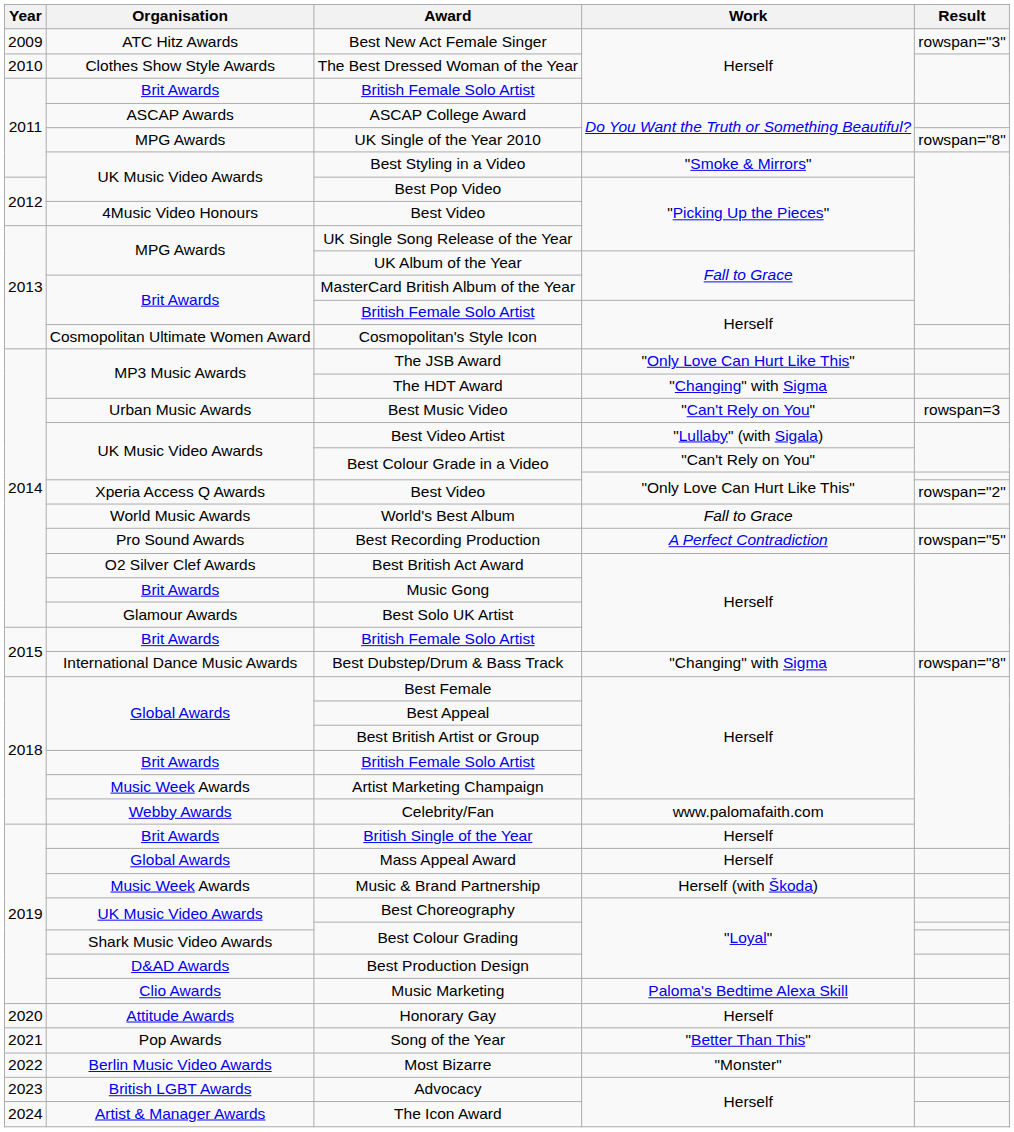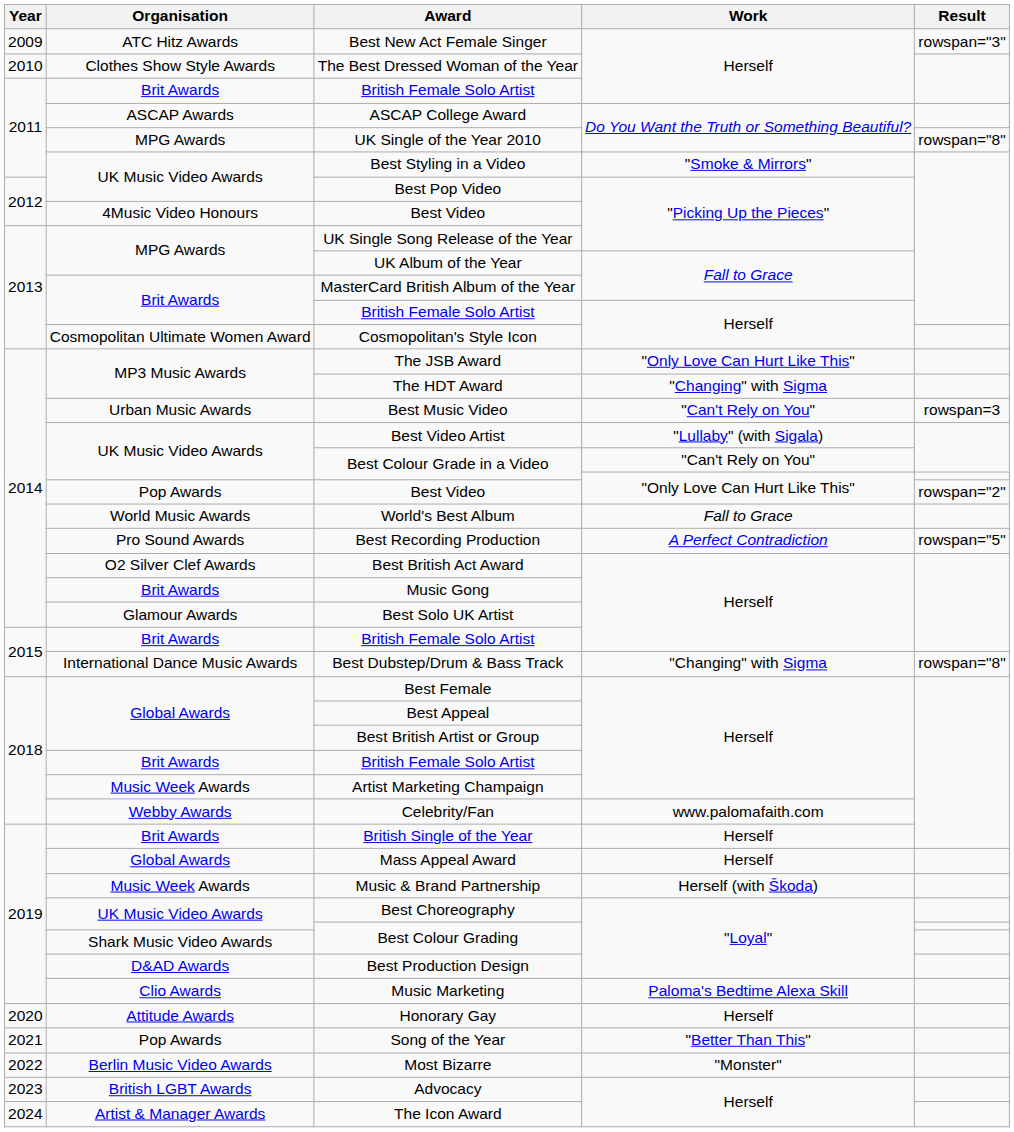 <table class="wikitable plainrowheaders" style="text-align:center;">
 <tr>
 <th>Year</th>
 <th>Organisation</th>
 <th>Award</th>
 <th>Work</th>
 <th>Result</th>
 </tr>
 <tr>
 <td>2009</td>
 <td>ATC Hitz Awards</td>
 <td>Best New Act Female Singer</td>
 <td rowspan="3">Herself</td>
 <td>rowspan="3" </td>
 </tr>
 <tr>
 <td>2010</td>
 <td>Clothes Show Style Awards</td>
 <td>The Best Dressed Woman of the Year</td>
 </tr>
 <tr>
 <td rowspan="4">2011</td>
 <td><a href='#'>Brit Awards</a></td>
 <td><a href='#'>British Female Solo Artist</a></td>
 </tr>
 <tr>
 <td>ASCAP Awards</td>
 <td>ASCAP College Award</td>
 <td rowspan="2"><em><a href='#'>Do You Want the Truth or Something Beautiful?</a></em></td>
 <td></td>
 </tr>
 <tr>
 <td>MPG Awards</td>
 <td>UK Single of the Year 2010</td>
 <td>rowspan="8" </td>
 </tr>
 <tr>
 <td rowspan="2">UK Music Video Awards</td>
 <td>Best Styling in a Video</td>
 <td>"<a href='#'>Smoke & Mirrors</a>"</td>
 </tr>
 <tr>
 <td rowspan="2">2012</td>
 <td>Best Pop Video</td>
 <td rowspan="3">"<a href='#'>Picking Up the Pieces</a>"</td>
 </tr>
 <tr>
 <td>4Music Video Honours</td>
 <td>Best Video</td>
 </tr>
 <tr>
 <td rowspan="5">2013</td>
 <td rowspan="2">MPG Awards</td>
 <td>UK Single Song Release of the Year</td>
 </tr>
 <tr>
 <td>UK Album of the Year</td>
 <td rowspan="2"><em><a href='#'>Fall to Grace</a></em></td>
 </tr>
 <tr>
 <td rowspan="2"><a href='#'>Brit Awards</a></td>
 <td>MasterCard British Album of the Year</td>
 </tr>
 <tr>
 <td><a href='#'>British Female Solo Artist</a></td>
 <td rowspan="2">Herself</td>
 </tr>
 <tr>
 <td>Cosmopolitan Ultimate Women Award</td>
 <td>Cosmopolitan's Style Icon</td>
 <td></td>
 </tr>
 <tr>
 <td rowspan="12">2014</td>
 <td rowspan="2">MP3 Music Awards</td>
 <td>The JSB Award</td>
 <td>"<a href='#'>Only Love Can Hurt Like This</a>"</td>
 <td></td>
 </tr>
 <tr>
 <td>The HDT Award</td>
 <td>"<a href='#'>Changing</a>" with <a href='#'>Sigma</a></td>
 <td></td>
 </tr>
 <tr>
 <td>Urban Music Awards</td>
 <td>Best Music Video</td>
 <td>"<a href='#'>Can't Rely on You</a>"</td>
 <td>rowspan=3 </td>
 </tr>
 <tr>
 <td rowspan="3">UK Music Video Awards</td>
 <td>Best Video Artist</td>
 <td>"<a href='#'>Lullaby</a>" (with <a href='#'>Sigala</a>)</td>
 </tr>
 <tr>
 <td rowspan="2">Best Colour Grade in a Video</td>
 <td>"Can't Rely on You"</td>
 </tr>
 <tr>
 <td rowspan="2">"Only Love Can Hurt Like This"</td>
 <td></td>
 </tr>
 <tr>
-<td>Xperia Access Q Awards</td>
+<td>Pop Awards</td>
 <td>Best Video</td>
 <td>rowspan="2" </td>
 </tr>
 <tr>
 <td>World Music Awards</td>
 <td>World's Best Album</td>
 <td><em>Fall to Grace</em></td>
 </tr>
 <tr>
 <td>Pro Sound Awards</td>
 <td>Best Recording Production</td>
 <td><em><a href='#'>A Perfect Contradiction</a></em></td>
 <td>rowspan="5" </td>
 </tr>
 <tr>
 <td>O2 Silver Clef Awards</td>
 <td>Best British Act Award</td>
 <td rowspan="4">Herself</td>
 </tr>
 <tr>
 <td><a href='#'>Brit Awards</a></td>
 <td>Music Gong</td>
 </tr>
 <tr>
 <td>Glamour Awards</td>
 <td>Best Solo UK Artist</td>
 </tr>
 <tr>
 <td rowspan="2">2015</td>
 <td><a href='#'>Brit Awards</a></td>
 <td><a href='#'>British Female Solo Artist</a></td>
 </tr>
 <tr>
 <td>International Dance Music Awards</td>
 <td>Best Dubstep/Drum & Bass Track</td>
 <td>"Changing" with <a href='#'>Sigma</a></td>
 <td>rowspan="8" </td>
 </tr>
 <tr>
 <td rowspan="6">2018</td>
 <td rowspan="3"><a href='#'>Global Awards</a></td>
 <td>Best Female</td>
 <td rowspan="5">Herself</td>
 </tr>
 <tr>
 <td>Best Appeal</td>
 </tr>
 <tr>
 <td>Best British Artist or Group</td>
 </tr>
 <tr>
 <td><a href='#'>Brit Awards</a></td>
 <td><a href='#'>British Female Solo Artist</a></td>
 </tr>
 <tr>
 <td><a href='#'>Music Week</a> Awards</td>
 <td>Artist Marketing Champaign</td>
 </tr>
 <tr>
 <td><a href='#'>Webby Awards</a></td>
 <td>Celebrity/Fan</td>
 <td>www.palomafaith.com</td>
 </tr>
 <tr>
 <td rowspan="8">2019</td>
 <td><a href='#'>Brit Awards</a></td>
 <td><a href='#'>British Single of the Year</a></td>
 <td>Herself</td>
 </tr>
 <tr>
 <td><a href='#'>Global Awards</a></td>
 <td>Mass Appeal Award</td>
 <td>Herself</td>
 <td></td>
 </tr>
 <tr>
 <td><a href='#'>Music Week</a> Awards</td>
 <td>Music & Brand Partnership</td>
 <td>Herself (with <a href='#'>Škoda</a>)</td>
 <td></td>
 </tr>
 <tr>
 <td rowspan=2><a href='#'>UK Music Video Awards</a></td>
 <td>Best Choreography</td>
 <td rowspan=4>"<a href='#'>Loyal</a>"</td>
 <td></td>
 </tr>
 <tr>
 <td rowspan=2>Best Colour Grading</td>
 <td></td>
 </tr>
 <tr>
 <td>Shark Music Video Awards</td>
 <td></td>
 </tr>
 <tr>
 <td><a href='#'>D&AD Awards</a></td>
 <td>Best Production Design</td>
 <td></td>
 </tr>
 <tr>
 <td><a href='#'>Clio Awards</a></td>
 <td>Music Marketing</td>
 <td><a href='#'>Paloma's Bedtime Alexa Skill</a></td>
 <td></td>
 </tr>
 <tr>
 <td>2020</td>
 <td><a href='#'>Attitude Awards</a></td>
 <td>Honorary Gay</td>
 <td>Herself</td>
 <td></td>
 </tr>
 <tr>
 <td>2021</td>
 <td>Pop Awards</td>
 <td>Song of the Year</td>
 <td>"<a href='#'>Better Than This</a>"</td>
 <td></td>
 </tr>
 <tr>
 <td>2022</td>
 <td><a href='#'>Berlin Music Video Awards</a></td>
 <td>Most Bizarre</td>
 <td>"Monster"</td>
 <td></td>
 </tr>
 <tr>
 <td>2023</td>
 <td><a href='#'>British LGBT Awards</a></td>
 <td>Advocacy</td>
 <td rowspan=2>Herself</td>
 <td></td>
 </tr>
 <tr>
 <td>2024</td>
 <td><a href='#'>Artist & Manager Awards</a></td>
 <td>The Icon Award</td>
 <td></td>
 </tr>
 </table>
